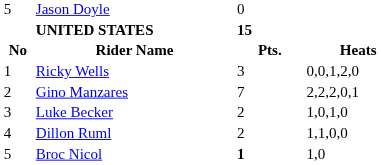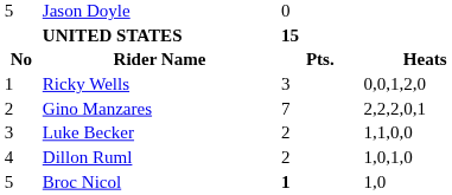 <table class="toccolours">
 <tr>
 <td>5</td>
 <td><a href='#'>Jason Doyle</a></td>
 <td>0</td>
 <td></td>
 </tr>
 <tr>
 <td></td>
 <td><strong>UNITED STATES</strong></td>
 <td><strong>15</strong></td>
 </tr>
 <tr style="background-color:">
 <th width=30px>No</th>
 <th width=210px>Rider Name</th>
 <th width=70px>Pts.</th>
 <th width=110px>Heats</th>
 </tr>
 <tr style="background-color:">
 <td>1</td>
 <td><a href='#'>Ricky Wells</a></td>
 <td>3</td>
 <td>0,0,1,2,0</td>
 </tr>
 <tr style="background-color:">
 <td>2</td>
 <td><a href='#'>Gino Manzares</a></td>
 <td>7</td>
 <td>2,2,2,0,1</td>
 </tr>
 <tr style="background-color:">
 <td>3</td>
 <td><a href='#'>Luke Becker</a></td>
 <td>2</td>
-<td>1,0,1,0</td>
+<td>1,1,0,0</td>
 </tr>
 <tr style="background-color:">
 <td>4</td>
 <td><a href='#'>Dillon Ruml</a></td>
 <td>2</td>
-<td>1,1,0,0</td>
+<td>1,0,1,0</td>
 </tr>
 <tr style="background-color:">
 <td>5</td>
 <td><a href='#'>Broc Nicol</a></td>
 <td><strong>1</strong></td>
 <td>1,0</td>
 </tr>
 </table>
